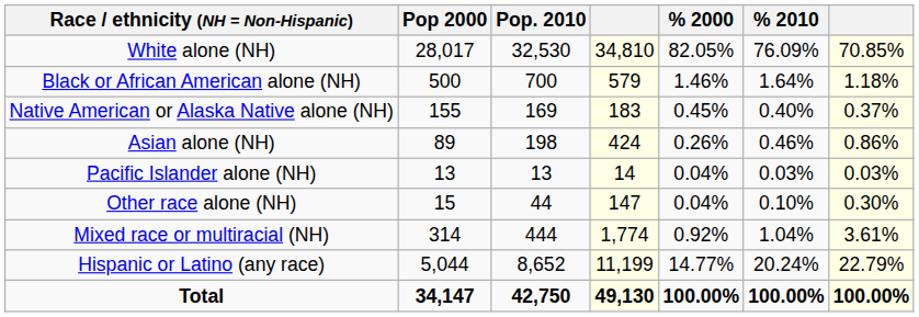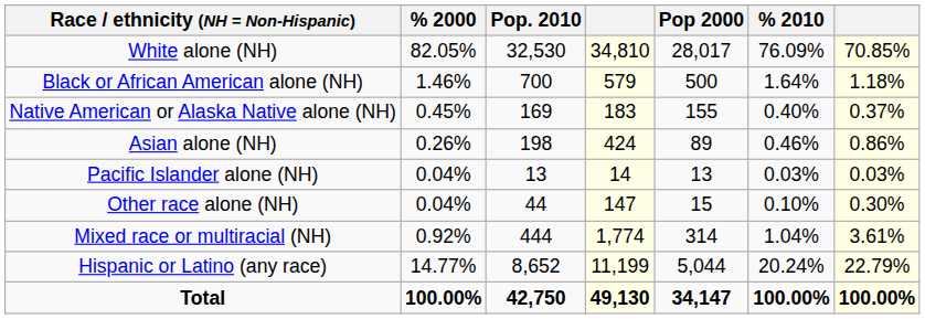 <table class="wikitable" style="text-align:center;">
 <tr>
 <th>Race / ethnicity <small>(<em>NH = Non-Hispanic</em>)</small></th>
-<th>Pop 2000</th>
+<th>% 2000</th>
 <th>Pop. 2010</th>
 <th></th>
-<th>% 2000</th>
+<th>Pop 2000</th>
 <th>% 2010</th>
 <th></th>
 </tr>
 <tr>
 <td><a href='#'>White</a> alone (NH)</td>
-<td>28,017</td>
+<td>82.05%</td>
 <td>32,530</td>
 <td style='background: #ffffe6;'>34,810</td>
-<td>82.05%</td>
+<td>28,017</td>
 <td>76.09%</td>
 <td style='background: #ffffe6;'>70.85%</td>
 </tr>
 <tr>
 <td><a href='#'>Black or African American</a> alone (NH)</td>
-<td>500</td>
+<td>1.46%</td>
 <td>700</td>
 <td style='background: #ffffe6;'>579</td>
-<td>1.46%</td>
+<td>500</td>
 <td>1.64%</td>
 <td style='background: #ffffe6;'>1.18%</td>
 </tr>
 <tr>
 <td><a href='#'>Native American</a> or <a href='#'>Alaska Native</a> alone (NH)</td>
-<td>155</td>
+<td>0.45%</td>
 <td>169</td>
 <td style='background: #ffffe6;'>183</td>
-<td>0.45%</td>
+<td>155</td>
 <td>0.40%</td>
 <td style='background: #ffffe6;'>0.37%</td>
 </tr>
 <tr>
 <td><a href='#'>Asian</a> alone (NH)</td>
-<td>89</td>
+<td>0.26%</td>
 <td>198</td>
 <td style='background: #ffffe6;'>424</td>
-<td>0.26%</td>
+<td>89</td>
 <td>0.46%</td>
 <td style='background: #ffffe6;'>0.86%</td>
 </tr>
 <tr>
 <td><a href='#'>Pacific Islander</a> alone (NH)</td>
-<td>13</td>
+<td>0.04%</td>
 <td>13</td>
 <td style='background: #ffffe6;'>14</td>
-<td>0.04%</td>
+<td>13</td>
 <td>0.03%</td>
 <td style='background: #ffffe6;'>0.03%</td>
 </tr>
 <tr>
 <td><a href='#'>Other race</a> alone (NH)</td>
-<td>15</td>
+<td>0.04%</td>
 <td>44</td>
 <td style='background: #ffffe6;'>147</td>
-<td>0.04%</td>
+<td>15</td>
 <td>0.10%</td>
 <td style='background: #ffffe6;'>0.30%</td>
 </tr>
 <tr>
 <td><a href='#'>Mixed race or multiracial</a> (NH)</td>
-<td>314</td>
+<td>0.92%</td>
 <td>444</td>
 <td style='background: #ffffe6;'>1,774</td>
-<td>0.92%</td>
+<td>314</td>
 <td>1.04%</td>
 <td style='background: #ffffe6;'>3.61%</td>
 </tr>
 <tr>
 <td><a href='#'>Hispanic or Latino</a> (any race)</td>
-<td>5,044</td>
+<td>14.77%</td>
 <td>8,652</td>
 <td style='background: #ffffe6;'>11,199</td>
-<td>14.77%</td>
+<td>5,044</td>
 <td>20.24%</td>
 <td style='background: #ffffe6;'>22.79%</td>
 </tr>
 <tr>
 <td><strong>Total</strong></td>
-<td><strong>34,147</strong></td>
+<td><strong>100.00%</strong></td>
 <td><strong>42,750</strong></td>
 <td style='background: #ffffe6;'><strong>49,130</strong></td>
-<td><strong>100.00%</strong></td>
+<td><strong>34,147</strong></td>
 <td><strong>100.00%</strong></td>
 <td style='background: #ffffe6;'><strong>100.00%</strong></td>
 </tr>
 </table>
